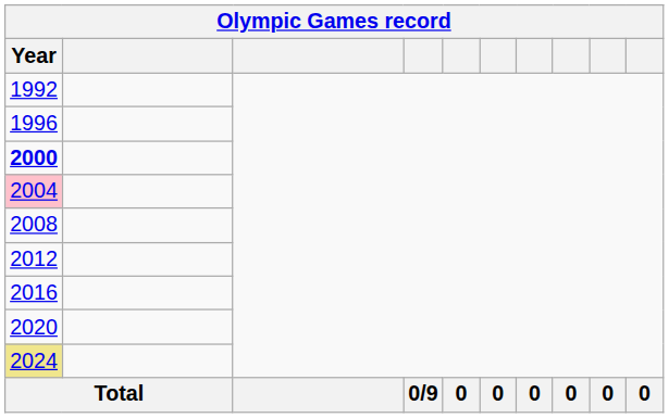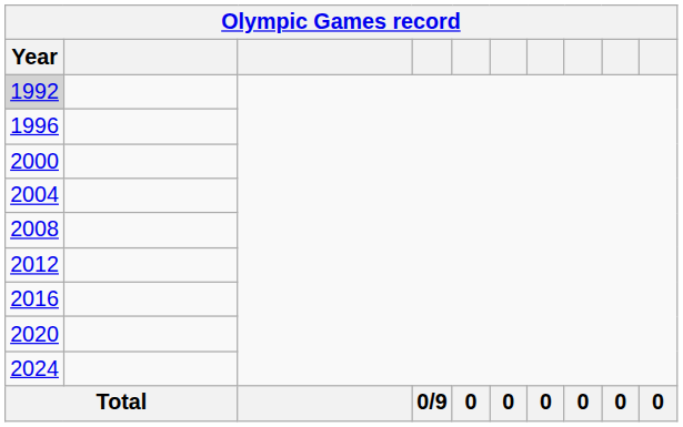 <table class="wikitable" style="text-align: center;">
 <tr>
 <th colspan=11><a href='#'>Olympic Games record</a></th>
 </tr>
 <tr>
 <th width=>Year</th>
 <th width=120px></th>
 <th width=120px></th>
 <th width=></th>
 <th width=20px></th>
 <th width=20px></th>
 <th width=20px></th>
 <th width=20px></th>
 <th width=20px></th>
 <th width=20px></th>
 </tr>
 <tr>
-<td><a href='#'>1992</a></td>
+<td style="background: lightgrey;"><a href='#'>1992</a></td>
 <td></td>
 </tr>
 <tr>
 <td><a href='#'>1996</a></td>
 <td></td>
 </tr>
 <tr>
-<td><strong><a href='#'>2000</a></strong></td>
+<td><a href='#'>2000</a></td>
 <td></td>
 </tr>
 <tr>
-<td style="background: pink;"><a href='#'>2004</a></td>
+<td><a href='#'>2004</a></td>
 <td></td>
 </tr>
 <tr>
 <td><a href='#'>2008</a></td>
 <td></td>
 </tr>
 <tr>
 <td><a href='#'>2012</a></td>
 <td></td>
 </tr>
 <tr>
 <td><a href='#'>2016</a></td>
 <td></td>
 </tr>
 <tr>
 <td><a href='#'>2020</a></td>
 <td></td>
 </tr>
 <tr>
-<td style="background: khaki;"><a href='#'>2024</a></td>
+<td><a href='#'>2024</a></td>
 <td></td>
 </tr>
 <tr>
 <th colspan=2>Total</th>
 <th></th>
 <th>0/9</th>
 <th>0</th>
 <th>0</th>
 <th>0</th>
 <th>0</th>
 <th>0</th>
 <th>0</th>
 </tr>
 </table>
